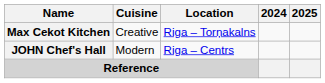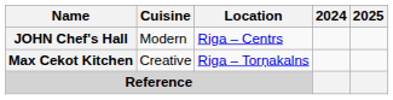 <table class="wikitable sortable plainrowheaders" style="text-align:left;"">
 <tr>
 <th scope="col">Name</th>
 <th scope="col">Cuisine</th>
 <th scope="col">Location</th>
 <th scope="col">2024</th>
 <th scope="col">2025</th>
 </tr>
 <tr>
-<th scope="row">Max Cekot Kitchen</th>
-<td>Creative</td>
-<td><a href='#'>Riga – Torņakalns</a></td>
+<th scope="row">JOHN Chef's Hall</th>
+<td>Modern</td>
+<td><a href='#'>Riga – Centrs</a></td>
 <td></td>
 <td></td>
 </tr>
 <tr>
-<th scope="row">JOHN Chef's Hall</th>
-<td>Modern</td>
-<td><a href='#'>Riga – Centrs</a></td>
+<th scope="row">Max Cekot Kitchen</th>
+<td>Creative</td>
+<td><a href='#'>Riga – Torņakalns</a></td>
 <td></td>
 <td></td>
 </tr>
 <tr>
 <th colspan="3" style="text-align: center;background: lightgray;">Reference</th>
 <th></th>
 <th></th>
 </tr>
 </table>
